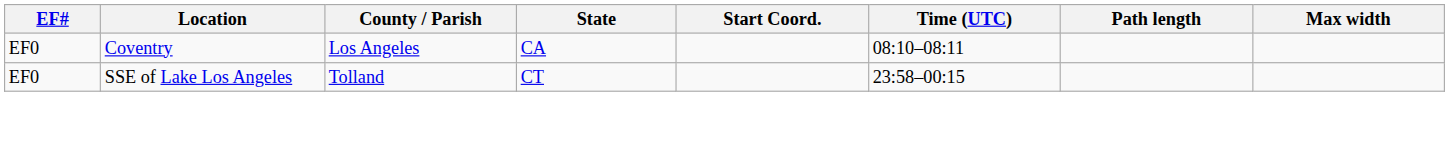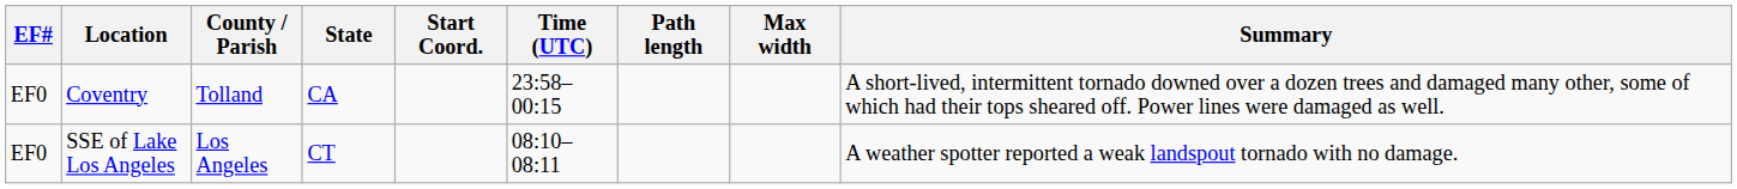 <table class="wikitable sortable" style="width:100%;">
 <tr>
 <th scope="col"  style="width:3%; text-align:center;"><a href='#'>EF#</a></th>
 <th scope="col"  style="width:7%; text-align:center;" class="unsortable">Location</th>
 <th scope="col"  style="width:6%; text-align:center;" class="unsortable">County / Parish</th>
 <th scope="col"  style="width:5%; text-align:center;">State</th>
 <th scope="col"  style="width:6%; text-align:center;">Start Coord.</th>
 <th scope="col"  style="width:6%; text-align:center;">Time (<a href='#'>UTC</a>)</th>
 <th scope="col"  style="width:6%; text-align:center;">Path length</th>
 <th scope="col"  style="width:6%; text-align:center;">Max width</th>
+<th scope="col" class="unsortable" style="width:48%; text-align:center;">Summary</th>
 </tr>
 <tr>
 <td>EF0</td>
 <td><a href='#'>Coventry</a></td>
+<td><a href='#'>Tolland</a></td>
+<td><a href='#'>CA</a></td>
+<td></td>
+<td>23:58–00:15</td>
+<td></td>
+<td></td>
+<td>A short-lived, intermittent tornado downed over a dozen trees and damaged many other, some of which had their tops sheared off. Power lines were damaged as well.</td>
+</tr>
+<tr>
+<td>EF0</td>
+<td>SSE of <a href='#'>Lake Los Angeles</a></td>
 <td><a href='#'>Los Angeles</a></td>
-<td><a href='#'>CA</a></td>
+<td><a href='#'>CT</a></td>
 <td></td>
 <td>08:10–08:11</td>
 <td></td>
 <td></td>
-</tr>
-<tr>
-<td>EF0</td>
-<td>SSE of <a href='#'>Lake Los Angeles</a></td>
-<td><a href='#'>Tolland</a></td>
-<td><a href='#'>CT</a></td>
-<td></td>
-<td>23:58–00:15</td>
-<td></td>
-<td></td>
+<td>A weather spotter reported a weak <a href='#'>landspout</a> tornado with no damage.</td>
 </tr>
 </table>
